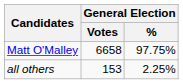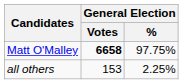 <table class=wikitable>
 <tr>
 <th colspan=1 rowspan=2><strong>Candidates</strong></th>
 <th colspan=2><strong>General Election</strong></th>
 </tr>
 <tr>
 <th>Votes</th>
 <th>%</th>
 </tr>
 <tr>
 <td><a href='#'>Matt O'Malley</a></td>
-<td align="right">6658</td>
+<td align="right"><strong>6658</strong></td>
 <td align="right">97.75%</td>
 </tr>
 <tr>
 <td><em>all others</em></td>
 <td align="right">153</td>
 <td align="right">2.25%</td>
 </tr>
 </table>
